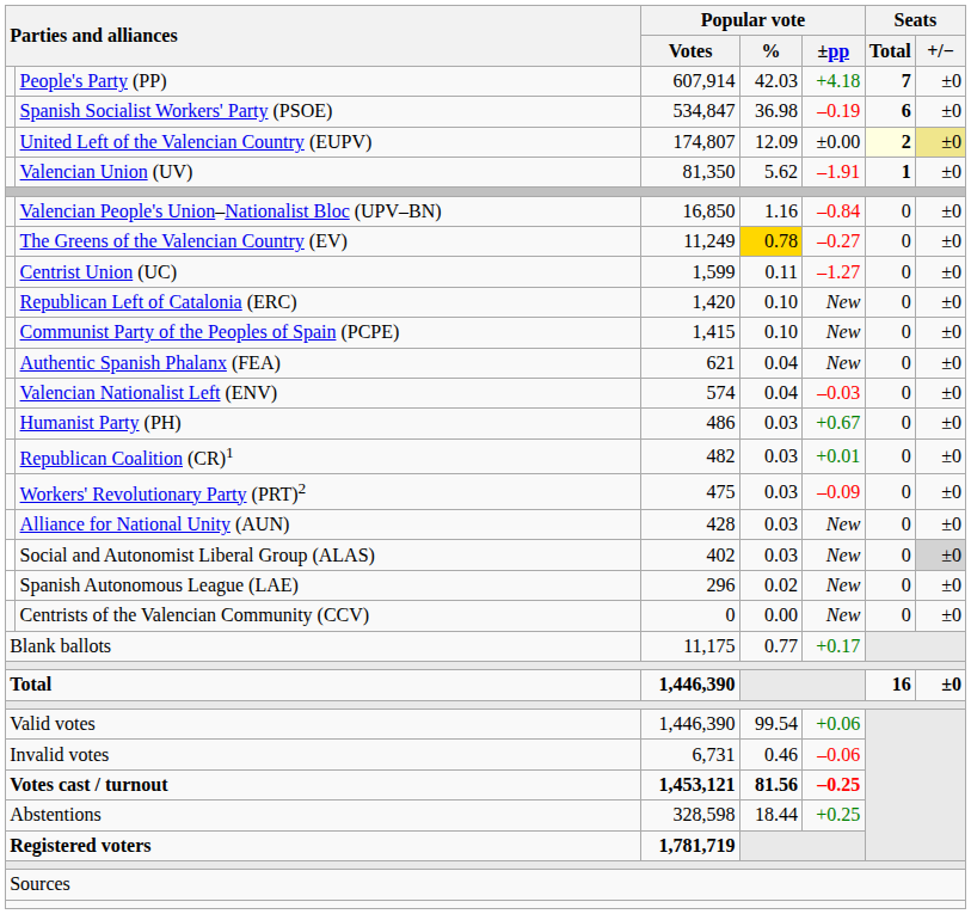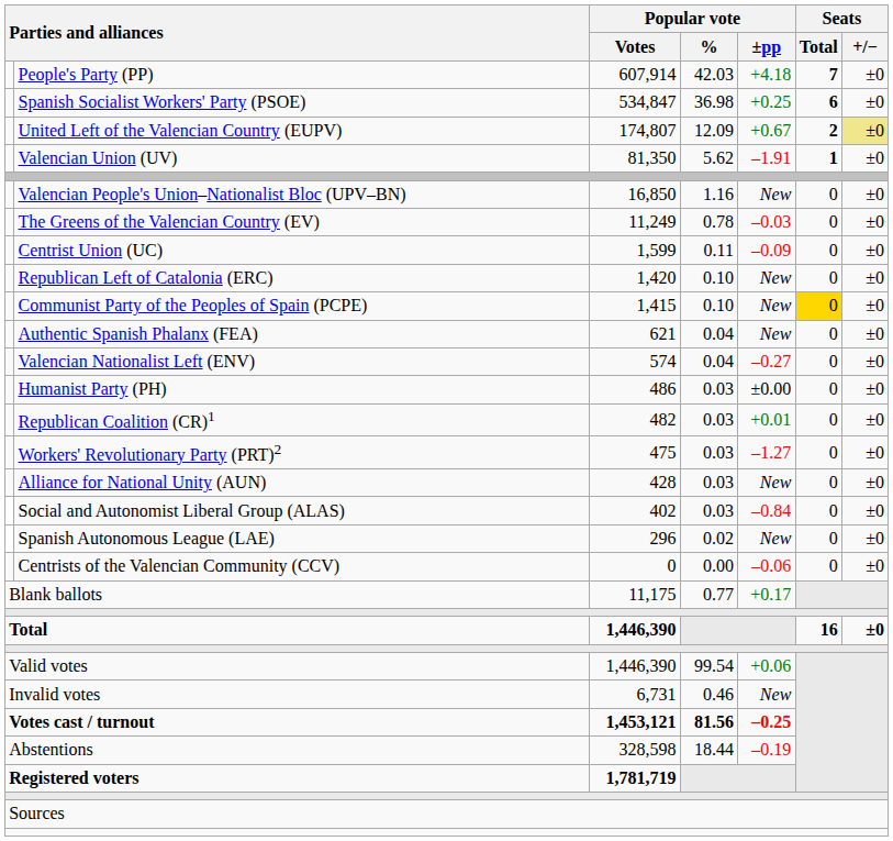 <table class="wikitable" style="text-align:right;">
 <tr>
 <th style="text-align:left;" rowspan="2" colspan="2" width="525">Parties and alliances</th>
 <th colspan="3">Popular vote</th>
 <th colspan="2">Seats</th>
 </tr>
 <tr>
 <th width="75">Votes</th>
 <th width="45">%</th>
 <th width="45">±<a href='#'>pp</a></th>
 <th width="35">Total</th>
 <th width="35">+/−</th>
 </tr>
 <tr>
 <td width="1" style="color:inherit;background:"></td>
 <td align="left"><a href='#'>People's Party</a> (PP)</td>
 <td>607,914</td>
 <td>42.03</td>
 <td style="color:green;">+4.18</td>
 <td><strong>7</strong></td>
 <td>±0</td>
 </tr>
 <tr>
 <td style="color:inherit;background:"></td>
 <td align="left"><a href='#'>Spanish Socialist Workers' Party</a> (PSOE)</td>
 <td>534,847</td>
 <td>36.98</td>
-<td style="color:red;">–0.19</td>
+<td style="color:green;">+0.25</td>
 <td><strong>6</strong></td>
 <td>±0</td>
 </tr>
 <tr>
 <td style="color:inherit;background:"></td>
 <td align="left"><a href='#'>United Left of the Valencian Country</a> (EUPV)</td>
 <td>174,807</td>
 <td>12.09</td>
-<td>±0.00</td>
-<td style="background: lightyellow;"><strong>2</strong></td>
+<td style="color:green;">+0.67</td>
+<td><strong>2</strong></td>
 <td style="background: khaki;">±0</td>
 </tr>
 <tr>
 <td style="color:inherit;background:"></td>
 <td align="left"><a href='#'>Valencian Union</a> (UV)</td>
 <td>81,350</td>
 <td>5.62</td>
 <td style="color:red;">–1.91</td>
 <td><strong>1</strong></td>
 <td>±0</td>
 </tr>
 <tr>
 <td colspan="7" bgcolor="#C0C0C0"></td>
 </tr>
 <tr>
 <td style="color:inherit;background:"></td>
 <td align="left"><a href='#'>Valencian People's Union</a>–<a href='#'>Nationalist Bloc</a> (UPV–BN)</td>
 <td>16,850</td>
 <td>1.16</td>
-<td style="color:red;">–0.84</td>
+<td><em>New</em></td>
 <td>0</td>
 <td>±0</td>
 </tr>
 <tr>
 <td style="color:inherit;background:"></td>
 <td align="left"><a href='#'>The Greens of the Valencian Country</a> (EV)</td>
 <td>11,249</td>
-<td style="background: gold;">0.78</td>
-<td style="color:red;">–0.27</td>
+<td>0.78</td>
+<td style="color:red;">–0.03</td>
 <td>0</td>
 <td>±0</td>
 </tr>
 <tr>
 <td style="color:inherit;background:"></td>
 <td align="left"><a href='#'>Centrist Union</a> (UC)</td>
 <td>1,599</td>
 <td>0.11</td>
-<td style="color:red;">–1.27</td>
+<td style="color:red;">–0.09</td>
 <td>0</td>
 <td>±0</td>
 </tr>
 <tr>
 <td style="color:inherit;background:"></td>
 <td align="left"><a href='#'>Republican Left of Catalonia</a> (ERC)</td>
 <td>1,420</td>
 <td>0.10</td>
 <td><em>New</em></td>
 <td>0</td>
 <td>±0</td>
 </tr>
 <tr>
 <td style="color:inherit;background:"></td>
 <td align="left"><a href='#'>Communist Party of the Peoples of Spain</a> (PCPE)</td>
 <td>1,415</td>
 <td>0.10</td>
 <td><em>New</em></td>
-<td>0</td>
+<td style="background: gold;">0</td>
 <td>±0</td>
 </tr>
 <tr>
 <td style="color:inherit;background:"></td>
 <td align="left"><a href='#'>Authentic Spanish Phalanx</a> (FEA)</td>
 <td>621</td>
 <td>0.04</td>
 <td><em>New</em></td>
 <td>0</td>
 <td>±0</td>
 </tr>
 <tr>
 <td style="color:inherit;background:"></td>
 <td align="left"><a href='#'>Valencian Nationalist Left</a> (ENV)</td>
 <td>574</td>
 <td>0.04</td>
-<td style="color:red;">–0.03</td>
+<td style="color:red;">–0.27</td>
 <td>0</td>
 <td>±0</td>
 </tr>
 <tr>
 <td style="color:inherit;background:"></td>
 <td align="left"><a href='#'>Humanist Party</a> (PH)</td>
 <td>486</td>
 <td>0.03</td>
-<td style="color:green;">+0.67</td>
+<td>±0.00</td>
 <td>0</td>
 <td>±0</td>
 </tr>
 <tr>
 <td style="color:inherit;background:"></td>
 <td align="left"><a href='#'>Republican Coalition</a> (CR)<sup>1</sup></td>
 <td>482</td>
 <td>0.03</td>
 <td style="color:green;">+0.01</td>
 <td>0</td>
 <td>±0</td>
 </tr>
 <tr>
 <td style="color:inherit;background:"></td>
 <td align="left"><a href='#'>Workers' Revolutionary Party</a> (PRT)<sup>2</sup></td>
 <td>475</td>
 <td>0.03</td>
-<td style="color:red;">–0.09</td>
+<td style="color:red;">–1.27</td>
 <td>0</td>
 <td>±0</td>
 </tr>
 <tr>
 <td style="color:inherit;background:"></td>
 <td align="left"><a href='#'>Alliance for National Unity</a> (AUN)</td>
 <td>428</td>
 <td>0.03</td>
 <td><em>New</em></td>
 <td>0</td>
 <td>±0</td>
 </tr>
 <tr>
 <td bgcolor="white"></td>
 <td align="left">Social and Autonomist Liberal Group (ALAS)</td>
 <td>402</td>
 <td>0.03</td>
-<td><em>New</em></td>
+<td style="color:red;">–0.84</td>
 <td>0</td>
-<td style="background: lightgrey;">±0</td>
+<td>±0</td>
 </tr>
 <tr>
 <td bgcolor="white"></td>
 <td align="left">Spanish Autonomous League (LAE)</td>
 <td>296</td>
 <td>0.02</td>
 <td><em>New</em></td>
 <td>0</td>
 <td>±0</td>
 </tr>
 <tr>
 <td style="color:inherit;background:"></td>
 <td align="left">Centrists of the Valencian Community (CCV)</td>
 <td>0</td>
 <td>0.00</td>
-<td><em>New</em></td>
+<td style="color:red;">–0.06</td>
 <td>0</td>
 <td>±0</td>
 </tr>
 <tr>
 <td align="left" colspan="2">Blank ballots</td>
 <td>11,175</td>
 <td>0.77</td>
 <td style="color:green;">+0.17</td>
 <td bgcolor="#E9E9E9" colspan="2"></td>
 </tr>
 <tr>
 <td colspan="7" bgcolor="#E9E9E9"></td>
 </tr>
 <tr style="font-weight:bold;">
 <td align="left" colspan="2">Total</td>
 <td>1,446,390</td>
 <td bgcolor="#E9E9E9" colspan="2"></td>
 <td>16</td>
 <td>±0</td>
 </tr>
 <tr>
 <td colspan="7" bgcolor="#E9E9E9"></td>
 </tr>
 <tr>
 <td align="left" colspan="2">Valid votes</td>
 <td>1,446,390</td>
 <td>99.54</td>
 <td style="color:green;">+0.06</td>
 <td bgcolor="#E9E9E9" colspan="2" rowspan="5"></td>
 </tr>
 <tr>
 <td align="left" colspan="2">Invalid votes</td>
 <td>6,731</td>
 <td>0.46</td>
-<td style="color:red;">–0.06</td>
+<td><em>New</em></td>
 </tr>
 <tr style="font-weight:bold;">
 <td align="left" colspan="2">Votes cast / turnout</td>
 <td>1,453,121</td>
 <td>81.56</td>
 <td style="color:red;">–0.25</td>
 </tr>
 <tr>
 <td align="left" colspan="2">Abstentions</td>
 <td>328,598</td>
 <td>18.44</td>
-<td style="color:green;">+0.25</td>
+<td style="color:red;">–0.19</td>
 </tr>
 <tr style="font-weight:bold;">
 <td align="left" colspan="2">Registered voters</td>
 <td>1,781,719</td>
 <td bgcolor="#E9E9E9" colspan="2"></td>
 </tr>
 <tr>
 <td colspan="7" bgcolor="#E9E9E9"></td>
 </tr>
 <tr>
 <td align="left" colspan="7">Sources</td>
 </tr>
 <tr>
 <td colspan="7" style="text-align:left; max-width:790px;"></td>
 </tr>
 </table>
